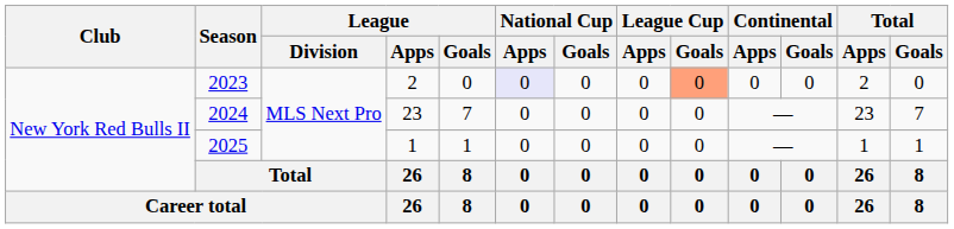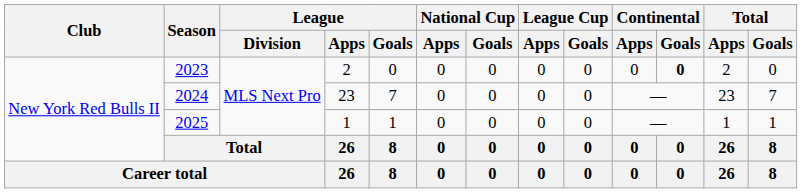 <table class="wikitable" style="text-align:center">
 <tr>
 <th rowspan="2">Club</th>
 <th rowspan="2">Season</th>
 <th colspan="3">League</th>
 <th colspan="2">National Cup </th>
 <th colspan="2">League Cup</th>
 <th colspan="2">Continental</th>
 <th colspan="2">Total</th>
 </tr>
 <tr>
 <th>Division</th>
 <th>Apps</th>
 <th>Goals</th>
 <th>Apps</th>
 <th>Goals</th>
 <th>Apps</th>
 <th>Goals</th>
 <th>Apps</th>
 <th>Goals</th>
 <th>Apps</th>
 <th>Goals</th>
 </tr>
 <tr>
 <td rowspan="4"><a href='#'>New York Red Bulls II</a></td>
 <td><a href='#'>2023</a></td>
 <td rowspan="3"><a href='#'>MLS Next Pro</a></td>
 <td>2</td>
 <td>0</td>
-<td style="background: lavender;">0</td>
 <td>0</td>
 <td>0</td>
-<td style="background: lightsalmon;">0</td>
 <td>0</td>
 <td>0</td>
+<td>0</td>
+<td><strong>0</strong></td>
 <td>2</td>
 <td>0</td>
 </tr>
 <tr>
 <td><a href='#'>2024</a></td>
 <td>23</td>
 <td>7</td>
 <td>0</td>
 <td>0</td>
 <td>0</td>
 <td>0</td>
 <td colspan="2">—</td>
 <td>23</td>
 <td>7</td>
 </tr>
 <tr>
 <td><a href='#'>2025</a></td>
 <td>1</td>
 <td>1</td>
 <td>0</td>
 <td>0</td>
 <td>0</td>
 <td>0</td>
 <td colspan="2">—</td>
 <td>1</td>
 <td>1</td>
 </tr>
 <tr>
 <th colspan="2">Total</th>
 <th>26</th>
 <th>8</th>
 <th>0</th>
 <th>0</th>
 <th>0</th>
 <th>0</th>
 <th>0</th>
 <th>0</th>
 <th>26</th>
 <th>8</th>
 </tr>
 <tr>
 <th colspan="3">Career total</th>
 <th>26</th>
 <th>8</th>
 <th>0</th>
 <th>0</th>
 <th>0</th>
 <th>0</th>
 <th>0</th>
 <th>0</th>
 <th>26</th>
 <th>8</th>
 </tr>
 </table>
